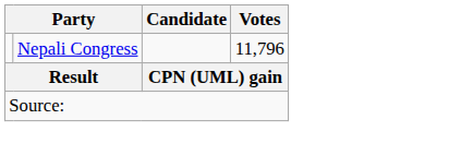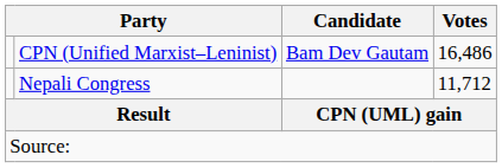 <table class="wikitable">
 <tr>
 <th colspan="2">Party</th>
 <th>Candidate</th>
 <th>Votes</th>
 </tr>
 <tr>
 <td style="background-color:"></td>
+<td><a href='#'>CPN (Unified Marxist–Leninist)</a></td>
+<td><a href='#'>Bam Dev Gautam</a></td>
+<td>16,486</td>
+</tr>
+<tr>
+<td style="background-color:"></td>
 <td><a href='#'>Nepali Congress</a></td>
 <td></td>
-<td>11,796</td>
+<td>11,712</td>
 </tr>
 <tr>
 <th colspan="2">Result</th>
 <th colspan="2">CPN (UML) gain</th>
 </tr>
 <tr>
 <td colspan="4">Source: </td>
 </tr>
 </table>
